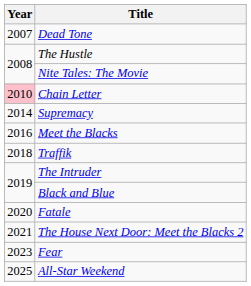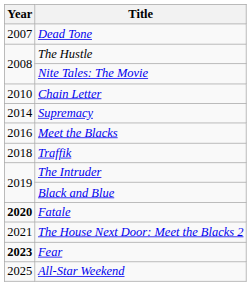 <table class="wikitable sortable">
 <tr>
 <th>Year</th>
 <th class="unsortable">Title</th>
 </tr>
 <tr>
 <td>2007</td>
 <td><em><a href='#'>Dead Tone</a></em></td>
 </tr>
 <tr>
 <td rowspan="2">2008</td>
 <td><em>The Hustle</em></td>
 </tr>
 <tr>
 <td><em><a href='#'>Nite Tales: The Movie</a></em></td>
 </tr>
 <tr>
-<td style="background: pink;">2010</td>
+<td>2010</td>
 <td><em><a href='#'>Chain Letter</a></em></td>
 </tr>
 <tr>
 <td>2014</td>
 <td><em><a href='#'>Supremacy</a></em></td>
 </tr>
 <tr>
 <td>2016</td>
 <td><em><a href='#'>Meet the Blacks</a></em></td>
 </tr>
 <tr>
 <td>2018</td>
 <td><em><a href='#'>Traffik</a></em></td>
 </tr>
 <tr>
 <td rowspan="2">2019</td>
 <td><em><a href='#'>The Intruder</a></em></td>
 </tr>
 <tr>
 <td><em><a href='#'>Black and Blue</a></em></td>
 </tr>
 <tr>
-<td>2020</td>
+<td><strong>2020</strong></td>
 <td><em><a href='#'>Fatale</a></em></td>
 </tr>
 <tr>
 <td>2021</td>
 <td><em><a href='#'>The House Next Door: Meet the Blacks 2</a></em></td>
 </tr>
 <tr>
-<td>2023</td>
+<td><strong>2023</strong></td>
 <td><em><a href='#'>Fear</a></em></td>
 </tr>
 <tr>
 <td>2025</td>
 <td><em><a href='#'>All-Star Weekend</a></em></td>
 </tr>
 </table>
